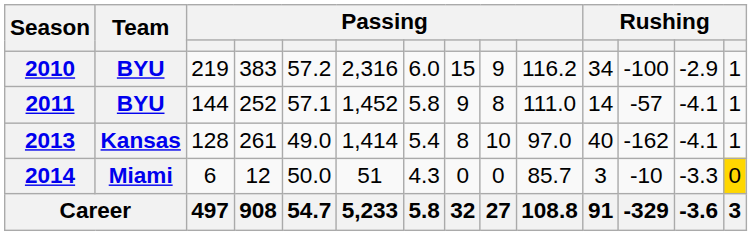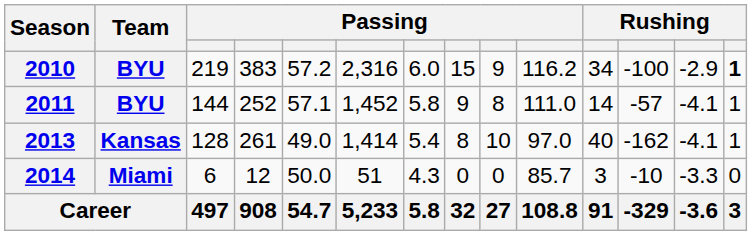 <table class="wikitable" style="text-align:center;">
 <tr>
 <th rowspan="2">Season</th>
 <th rowspan="2">Team</th>
 <th colspan="8">Passing</th>
 <th colspan="4">Rushing</th>
 </tr>
 <tr>
 <th></th>
 <th></th>
 <th></th>
 <th></th>
 <th></th>
 <th></th>
 <th></th>
 <th></th>
 <th></th>
 <th></th>
 <th></th>
 <th></th>
 </tr>
 <tr>
 <th><a href='#'>2010</a></th>
 <th><a href='#'>BYU</a></th>
 <td>219</td>
 <td>383</td>
 <td>57.2</td>
 <td>2,316</td>
 <td>6.0</td>
 <td>15</td>
 <td>9</td>
 <td>116.2</td>
 <td>34</td>
 <td>-100</td>
 <td>-2.9</td>
-<td>1</td>
+<td><strong>1</strong></td>
 </tr>
 <tr>
 <th><a href='#'>2011</a></th>
 <th><a href='#'>BYU</a></th>
 <td>144</td>
 <td>252</td>
 <td>57.1</td>
 <td>1,452</td>
 <td>5.8</td>
 <td>9</td>
 <td>8</td>
 <td>111.0</td>
 <td>14</td>
 <td>-57</td>
 <td>-4.1</td>
 <td>1</td>
 </tr>
 <tr>
 <th><a href='#'>2013</a></th>
 <th><a href='#'>Kansas</a></th>
 <td>128</td>
 <td>261</td>
 <td>49.0</td>
 <td>1,414</td>
 <td>5.4</td>
 <td>8</td>
 <td>10</td>
 <td>97.0</td>
 <td>40</td>
 <td>-162</td>
 <td>-4.1</td>
 <td>1</td>
 </tr>
 <tr>
 <th><a href='#'>2014</a></th>
 <th><a href='#'>Miami</a></th>
 <td>6</td>
 <td>12</td>
 <td>50.0</td>
 <td>51</td>
 <td>4.3</td>
 <td>0</td>
 <td>0</td>
 <td>85.7</td>
 <td>3</td>
 <td>-10</td>
 <td>-3.3</td>
-<td style="background: gold;">0</td>
+<td>0</td>
 </tr>
 <tr>
 <th colspan="2">Career</th>
 <th>497</th>
 <th>908</th>
 <th>54.7</th>
 <th>5,233</th>
 <th>5.8</th>
 <th>32</th>
 <th>27</th>
 <th>108.8</th>
 <th>91</th>
 <th>-329</th>
 <th>-3.6</th>
 <th>3</th>
 </tr>
 </table>
